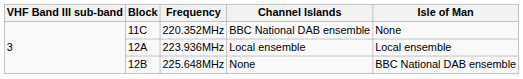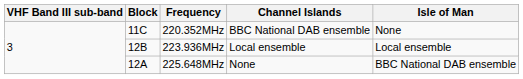 <table class="wikitable">
 <tr>
 <th>VHF Band III sub-band</th>
 <th>Block</th>
 <th>Frequency</th>
 <th>Channel Islands</th>
 <th>Isle of Man</th>
 </tr>
 <tr>
 <td rowspan="3">3</td>
 <td>11C</td>
 <td>220.352MHz</td>
 <td>BBC National DAB ensemble</td>
 <td>None</td>
 </tr>
 <tr>
-<td>12A</td>
+<td>12B</td>
 <td>223.936MHz</td>
 <td>Local ensemble</td>
 <td>Local ensemble</td>
 </tr>
 <tr>
-<td>12B</td>
+<td>12A</td>
 <td>225.648MHz</td>
 <td>None</td>
 <td>BBC National DAB ensemble</td>
 </tr>
 </table>
